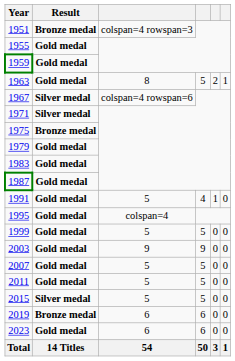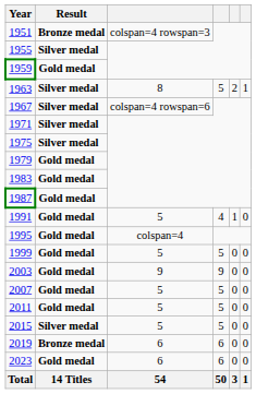 <table class="wikitable" style="text-align: center;">
 <tr>
 <th>Year</th>
 <th>Result</th>
 <th></th>
 <th></th>
 <th></th>
 <th></th>
 </tr>
 <tr>
 <td> <a href='#'>1951</a></td>
 <td style="text-align:left;"><strong> Bronze medal</strong></td>
 <td>colspan=4 rowspan=3 </td>
 </tr>
 <tr>
 <td> <a href='#'>1955</a></td>
-<td style="text-align:left;"><strong> Gold medal</strong></td>
+<td style="text-align:left;"><strong> Silver medal</strong></td>
 </tr>
 <tr>
 <td style="border: 3px solid green"> <a href='#'>1959</a></td>
 <td style="text-align:left;"><strong> Gold medal</strong></td>
 </tr>
 <tr>
 <td> <a href='#'>1963</a></td>
-<td style="text-align:left;"><strong> Gold medal</strong></td>
+<td style="text-align:left;"><strong> Silver medal</strong></td>
 <td>8</td>
 <td>5</td>
 <td>2</td>
 <td>1</td>
 </tr>
 <tr>
 <td> <a href='#'>1967</a></td>
 <td style="text-align:left;"><strong> Silver medal</strong></td>
 <td>colspan=4 rowspan=6 </td>
 </tr>
 <tr>
 <td> <a href='#'>1971</a></td>
 <td style="text-align:left;"><strong> Silver medal</strong></td>
 </tr>
 <tr>
 <td> <a href='#'>1975</a></td>
-<td style="text-align:left;"><strong> Bronze medal</strong></td>
+<td style="text-align:left;"><strong> Silver medal</strong></td>
 </tr>
 <tr>
 <td> <a href='#'>1979</a></td>
 <td style="text-align:left;"><strong> Gold medal</strong></td>
 </tr>
 <tr>
 <td> <a href='#'>1983</a></td>
 <td style="text-align:left;"><strong> Gold medal</strong></td>
 </tr>
 <tr>
 <td style="border: 3px solid green"> <a href='#'>1987</a></td>
 <td style="text-align:left;"><strong> Gold medal</strong></td>
 </tr>
 <tr>
 <td> <a href='#'>1991</a></td>
 <td style="text-align:left;"><strong> Gold medal</strong></td>
 <td>5</td>
 <td>4</td>
 <td>1</td>
 <td>0</td>
 </tr>
 <tr>
 <td> <a href='#'>1995</a></td>
 <td style="text-align:left;"><strong> Gold medal</strong></td>
 <td>colspan=4 </td>
 </tr>
 <tr>
 <td> <a href='#'>1999</a></td>
 <td style="text-align:left;"><strong> Gold medal</strong></td>
 <td>5</td>
 <td>5</td>
 <td>0</td>
 <td>0</td>
 </tr>
 <tr>
 <td> <a href='#'>2003</a></td>
 <td style="text-align:left;"><strong> Gold medal</strong></td>
 <td>9</td>
 <td>9</td>
 <td>0</td>
 <td>0</td>
 </tr>
 <tr>
 <td> <a href='#'>2007</a></td>
 <td style="text-align:left;"><strong> Gold medal</strong></td>
 <td>5</td>
 <td>5</td>
 <td>0</td>
 <td>0</td>
 </tr>
 <tr>
 <td> <a href='#'>2011</a></td>
 <td style="text-align:left;"><strong> Gold medal</strong></td>
 <td>5</td>
 <td>5</td>
 <td>0</td>
 <td>0</td>
 </tr>
 <tr>
 <td> <a href='#'>2015</a></td>
 <td style="text-align:left;"><strong> Silver medal</strong></td>
 <td>5</td>
 <td>5</td>
 <td>0</td>
 <td>0</td>
 </tr>
 <tr>
 <td> <a href='#'>2019</a></td>
 <td style="text-align:left;"><strong> Bronze medal</strong></td>
 <td>6</td>
 <td>6</td>
 <td>0</td>
 <td>0</td>
 </tr>
 <tr>
 <td> <a href='#'>2023</a></td>
 <td style="text-align:left;"><strong> Gold medal</strong></td>
 <td>6</td>
 <td>6</td>
 <td>0</td>
 <td>0</td>
 </tr>
 <tr>
 <th>Total</th>
 <th>14 Titles</th>
 <th>54</th>
 <th>50</th>
 <th>3</th>
 <th>1</th>
 </tr>
 </table>
